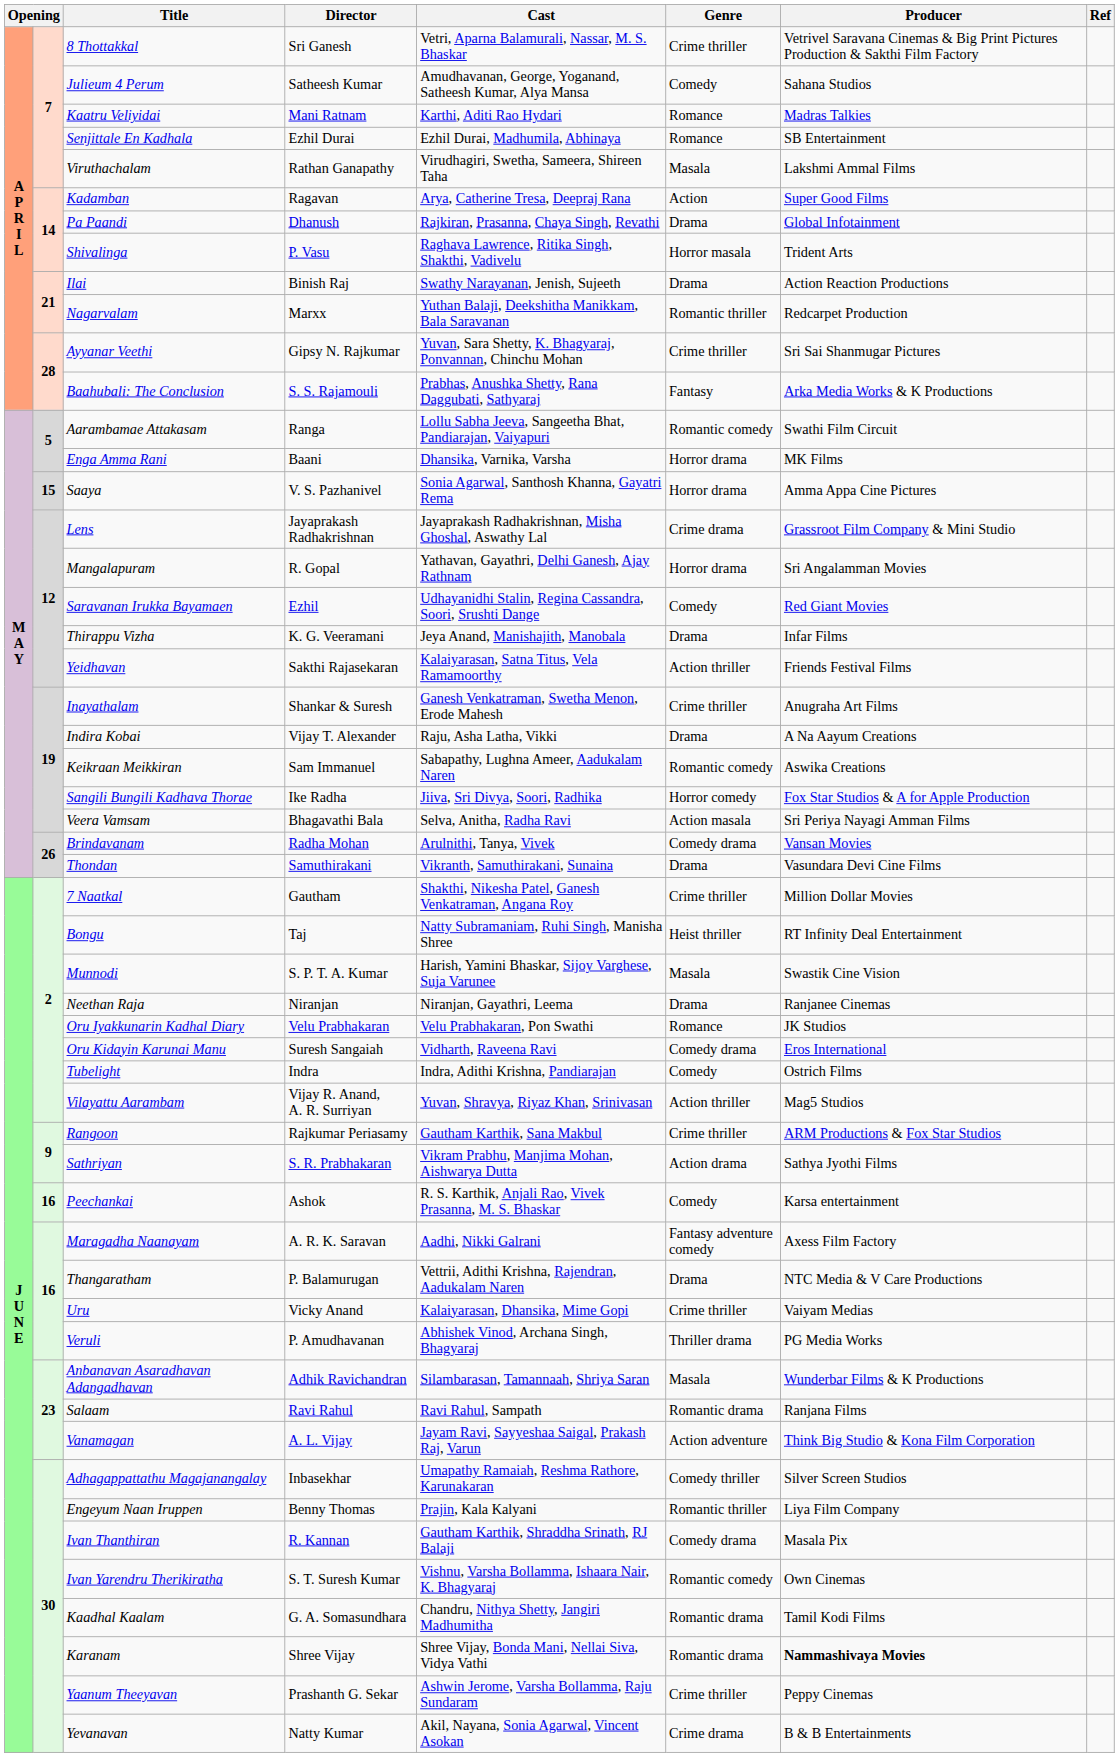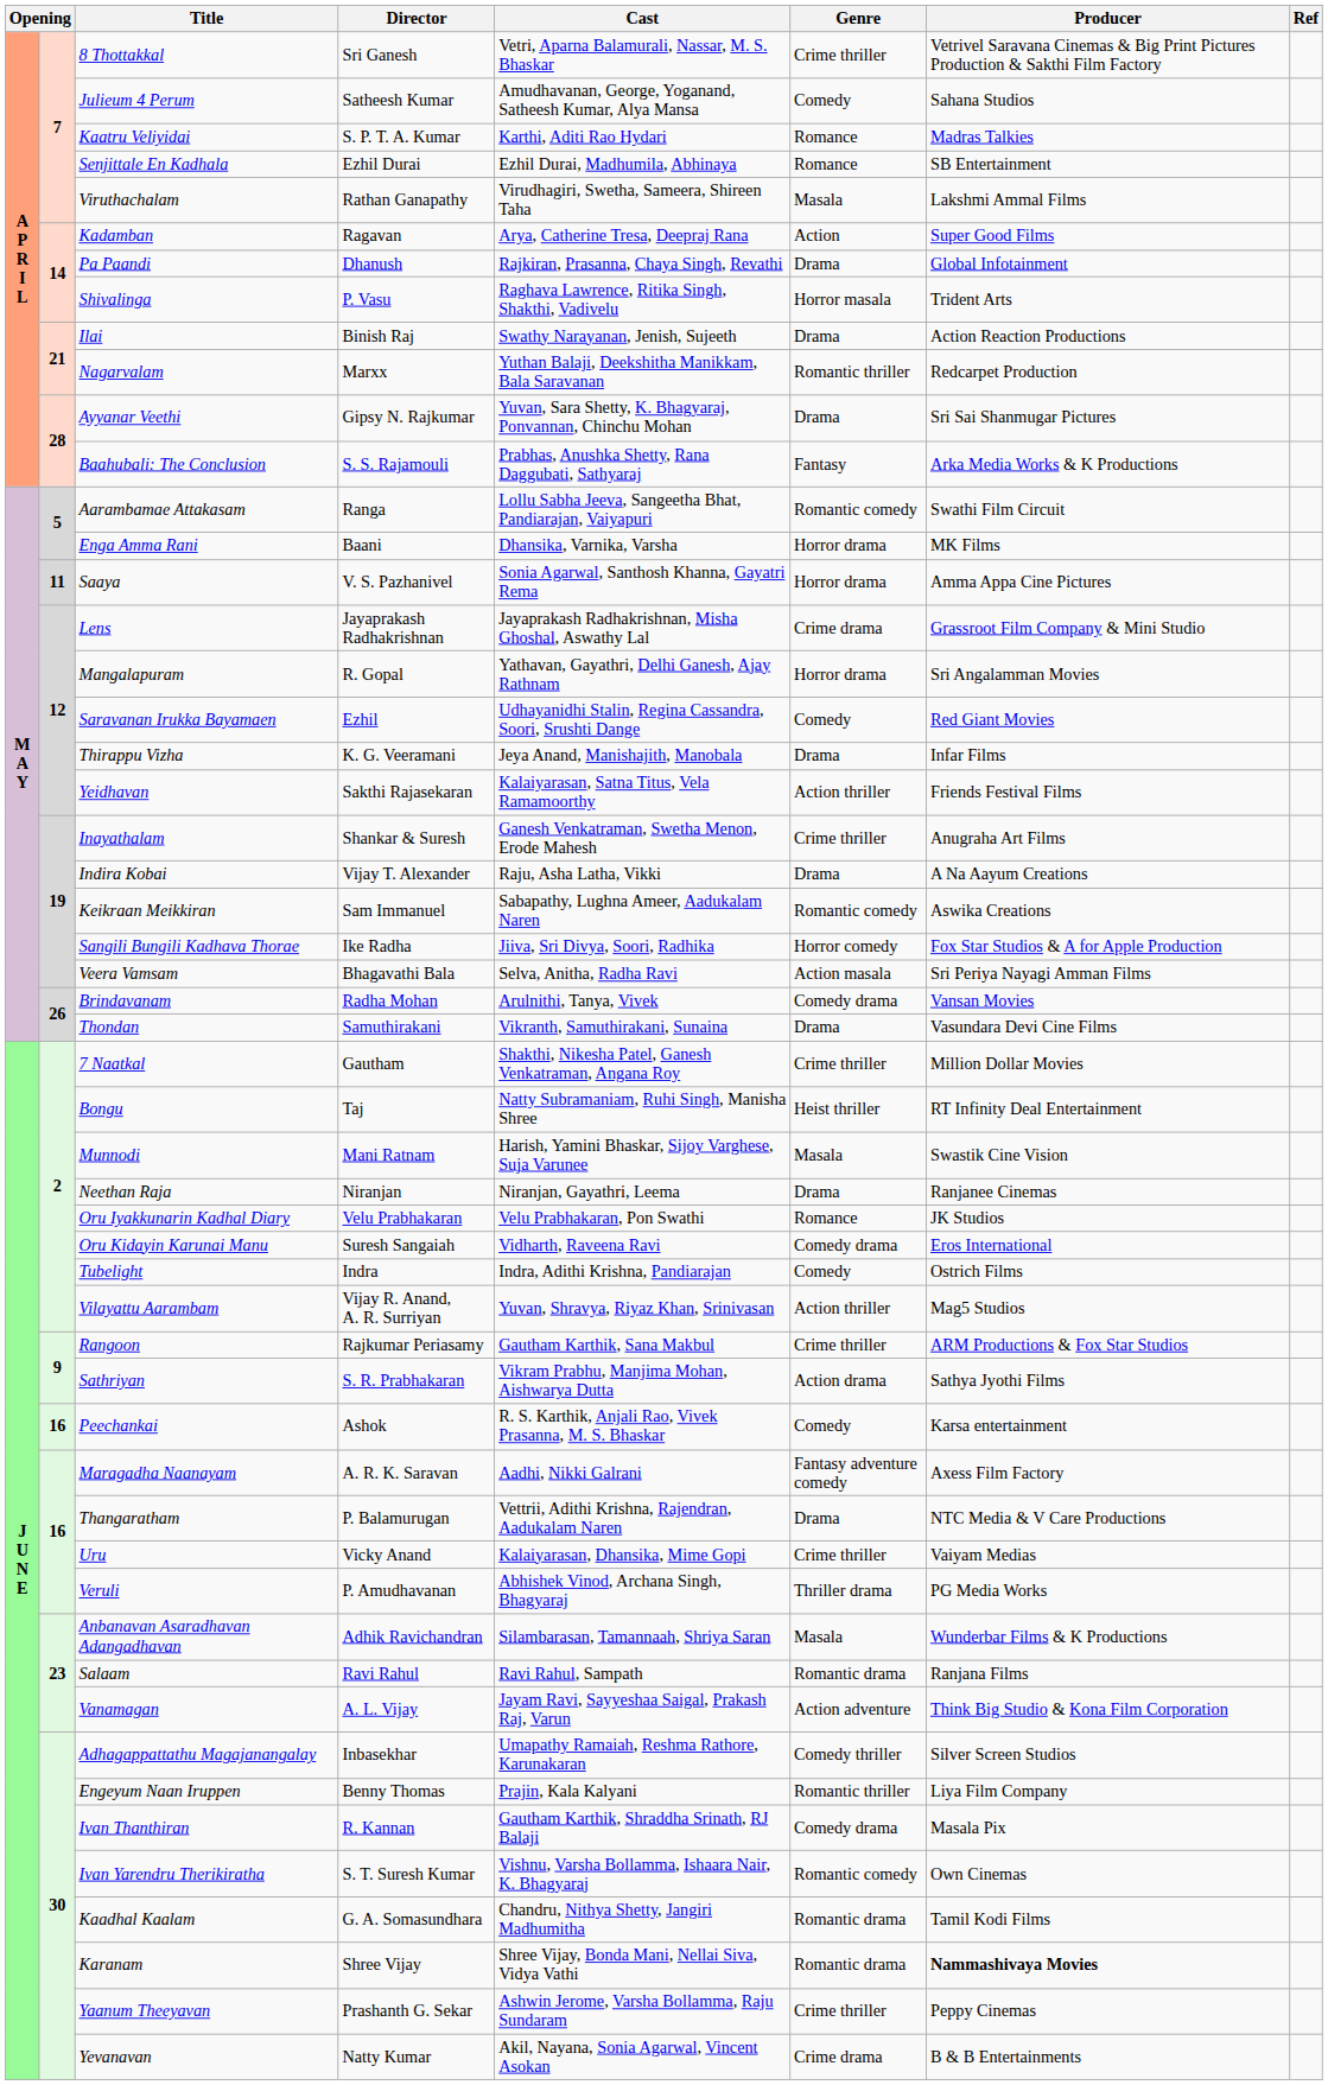 <table class="wikitable sortable" id="wikitable-20170601">
 <tr>
 <th colspan="2" class=unsortable>Opening</th>
 <th style="width:20%;">Title</th>
 <th>Director</th>
 <th>Cast</th>
 <th>Genre</th>
 <th>Producer</th>
 <th class=unsortable>Ref</th>
 </tr>
 <tr April !>
 <th rowspan="12" style="text-align:center; background:#ffa07a; textcolor:#000;">A<br>P<br>R<br>I<br>L</th>
 <td rowspan="5" style="text-align:center; background:#ffdacc;"><strong>7</strong></td>
 <td><em><a href='#'>8 Thottakkal</a></em></td>
 <td>Sri Ganesh</td>
 <td>Vetri, <a href='#'>Aparna Balamurali</a>, <a href='#'>Nassar</a>, <a href='#'>M. S. Bhaskar</a></td>
 <td>Crime thriller</td>
 <td>Vetrivel Saravana Cinemas & Big Print Pictures Production & Sakthi Film Factory</td>
 <td></td>
 </tr>
 <tr>
 <td><em><a href='#'>Julieum 4 Perum</a></em></td>
 <td>Satheesh Kumar</td>
 <td>Amudhavanan, George, Yoganand, Satheesh Kumar, Alya Mansa</td>
 <td>Comedy</td>
 <td>Sahana Studios</td>
 <td></td>
 </tr>
 <tr>
 <td><em><a href='#'>Kaatru Veliyidai</a></em></td>
-<td><a href='#'>Mani Ratnam</a></td>
+<td>S. P. T. A. Kumar</td>
 <td><a href='#'>Karthi</a>, <a href='#'>Aditi Rao Hydari</a></td>
 <td>Romance</td>
 <td><a href='#'>Madras Talkies</a></td>
 <td></td>
 </tr>
 <tr>
 <td><em><a href='#'>Senjittale En Kadhala</a></em></td>
 <td>Ezhil Durai</td>
 <td>Ezhil Durai, <a href='#'>Madhumila</a>, <a href='#'>Abhinaya</a></td>
 <td>Romance</td>
 <td>SB Entertainment</td>
 <td></td>
 </tr>
 <tr>
 <td><em>Viruthachalam</em></td>
 <td>Rathan Ganapathy</td>
 <td>Virudhagiri, Swetha, Sameera, Shireen Taha</td>
 <td>Masala</td>
 <td>Lakshmi Ammal Films</td>
 <td></td>
 </tr>
 <tr>
 <td rowspan="3" style="text-align:center; background:#ffdacc;"><strong>14</strong></td>
 <td><em><a href='#'>Kadamban</a></em></td>
 <td>Ragavan</td>
 <td><a href='#'>Arya</a>, <a href='#'>Catherine Tresa</a>, <a href='#'>Deepraj Rana</a></td>
 <td>Action</td>
 <td><a href='#'>Super Good Films</a></td>
 <td></td>
 </tr>
 <tr>
 <td><em><a href='#'>Pa Paandi</a></em></td>
 <td><a href='#'>Dhanush</a></td>
 <td><a href='#'>Rajkiran</a>, <a href='#'>Prasanna</a>, <a href='#'>Chaya Singh</a>, <a href='#'>Revathi</a></td>
 <td>Drama</td>
 <td><a href='#'>Global Infotainment</a></td>
 <td></td>
 </tr>
 <tr>
 <td><em><a href='#'>Shivalinga</a></em></td>
 <td><a href='#'>P. Vasu</a></td>
 <td><a href='#'>Raghava Lawrence</a>, <a href='#'>Ritika Singh</a>, <a href='#'>Shakthi</a>, <a href='#'>Vadivelu</a></td>
 <td>Horror masala</td>
 <td>Trident Arts</td>
 <td></td>
 </tr>
 <tr>
 <td rowspan="2" style="text-align:center; background:#ffdacc;"><strong>21</strong></td>
 <td><em><a href='#'>Ilai</a></em></td>
 <td>Binish Raj</td>
 <td><a href='#'>Swathy Narayanan</a>, Jenish, Sujeeth</td>
 <td>Drama</td>
 <td>Action Reaction Productions</td>
 <td></td>
 </tr>
 <tr>
 <td><em><a href='#'>Nagarvalam</a></em></td>
 <td>Marxx</td>
 <td><a href='#'>Yuthan Balaji</a>, <a href='#'>Deekshitha Manikkam</a>, <a href='#'>Bala Saravanan</a></td>
 <td>Romantic thriller</td>
 <td>Redcarpet Production</td>
 <td></td>
 </tr>
 <tr>
 <td rowspan="2" style="text-align:center; background:#ffdacc;"><strong>28</strong></td>
 <td><em><a href='#'>Ayyanar Veethi</a></em></td>
 <td>Gipsy N. Rajkumar</td>
 <td><a href='#'>Yuvan</a>, Sara Shetty, <a href='#'>K. Bhagyaraj</a>, <a href='#'>Ponvannan</a>, Chinchu Mohan</td>
-<td>Crime thriller</td>
+<td>Drama</td>
 <td>Sri Sai Shanmugar Pictures</td>
 <td></td>
 </tr>
 <tr>
 <td><em><a href='#'>Baahubali: The Conclusion</a></em></td>
 <td><a href='#'>S. S. Rajamouli</a></td>
 <td><a href='#'>Prabhas</a>, <a href='#'>Anushka Shetty</a>, <a href='#'>Rana Daggubati</a>, <a href='#'>Sathyaraj</a></td>
 <td>Fantasy</td>
 <td><a href='#'>Arka Media Works</a> & K Productions</td>
 <td></td>
 </tr>
 <tr May!>
 <th rowspan="15" style="text-align:center; background:thistle; textcolor:#000;">M<br>A<br>Y</th>
 <td rowspan="2" style="text-align:center; background:#d8d8d8;"><strong>5</strong></td>
 <td><em>Aarambamae Attakasam</em></td>
 <td>Ranga</td>
 <td><a href='#'>Lollu Sabha Jeeva</a>, Sangeetha Bhat, <a href='#'>Pandiarajan</a>, <a href='#'>Vaiyapuri</a></td>
 <td>Romantic comedy</td>
 <td>Swathi Film Circuit</td>
 <td></td>
 </tr>
 <tr>
 <td><em><a href='#'>Enga Amma Rani</a></em></td>
 <td>Baani</td>
 <td><a href='#'>Dhansika</a>, Varnika, Varsha</td>
 <td>Horror drama</td>
 <td>MK Films</td>
 <td></td>
 </tr>
 <tr>
-<td style="text-align:center; background:#d8d8d8;"><strong>15</strong></td>
+<td style="text-align:center; background:#d8d8d8;"><strong>11</strong></td>
 <td><em>Saaya</em></td>
 <td>V. S. Pazhanivel</td>
 <td><a href='#'>Sonia Agarwal</a>, Santhosh Khanna, <a href='#'>Gayatri Rema</a></td>
 <td>Horror drama</td>
 <td>Amma Appa Cine Pictures</td>
 <td></td>
 </tr>
 <tr>
 <td rowspan="5" style="text-align:center; background:#d8d8d8;"><strong>12</strong></td>
 <td><em><a href='#'>Lens</a></em></td>
 <td>Jayaprakash Radhakrishnan</td>
 <td>Jayaprakash Radhakrishnan, <a href='#'>Misha Ghoshal</a>, Aswathy Lal</td>
 <td>Crime drama</td>
 <td><a href='#'>Grassroot Film Company</a> & Mini Studio</td>
 <td></td>
 </tr>
 <tr>
 <td><em>Mangalapuram</em></td>
 <td>R. Gopal</td>
 <td>Yathavan, Gayathri, <a href='#'>Delhi Ganesh</a>, <a href='#'>Ajay Rathnam</a></td>
 <td>Horror drama</td>
 <td>Sri Angalamman Movies</td>
 <td></td>
 </tr>
 <tr>
 <td><em><a href='#'>Saravanan Irukka Bayamaen</a></em></td>
 <td><a href='#'>Ezhil</a></td>
 <td><a href='#'>Udhayanidhi Stalin</a>, <a href='#'>Regina Cassandra</a>, <a href='#'>Soori</a>, <a href='#'>Srushti Dange</a></td>
 <td>Comedy</td>
 <td><a href='#'>Red Giant Movies</a></td>
 <td></td>
 </tr>
 <tr>
 <td><em>Thirappu Vizha</em></td>
 <td>K. G. Veeramani</td>
 <td>Jeya Anand, <a href='#'>Manishajith</a>, <a href='#'>Manobala</a></td>
 <td>Drama</td>
 <td>Infar Films</td>
 <td></td>
 </tr>
 <tr>
 <td><em><a href='#'>Yeidhavan</a></em></td>
 <td>Sakthi Rajasekaran</td>
 <td><a href='#'>Kalaiyarasan</a>, <a href='#'>Satna Titus</a>, <a href='#'>Vela Ramamoorthy</a></td>
 <td>Action thriller</td>
 <td>Friends Festival Films</td>
 <td></td>
 </tr>
 <tr>
 <td rowspan="5" style="text-align:center; background:#d8d8d8;"><strong>19</strong></td>
 <td><em><a href='#'>Inayathalam</a></em></td>
 <td>Shankar & Suresh</td>
 <td><a href='#'>Ganesh Venkatraman</a>, <a href='#'>Swetha Menon</a>, Erode Mahesh</td>
 <td>Crime thriller</td>
 <td>Anugraha Art Films</td>
 <td></td>
 </tr>
 <tr>
 <td><em>Indira Kobai</em></td>
 <td>Vijay T. Alexander</td>
 <td>Raju, Asha Latha, Vikki</td>
 <td>Drama</td>
 <td>A Na Aayum Creations</td>
 <td></td>
 </tr>
 <tr>
 <td><em>Keikraan Meikkiran</em></td>
 <td>Sam Immanuel</td>
 <td>Sabapathy, Lughna Ameer, <a href='#'>Aadukalam Naren</a></td>
 <td>Romantic comedy</td>
 <td>Aswika Creations</td>
 <td></td>
 </tr>
 <tr>
 <td><em><a href='#'>Sangili Bungili Kadhava Thorae</a></em></td>
 <td>Ike Radha</td>
 <td><a href='#'>Jiiva</a>, <a href='#'>Sri Divya</a>, <a href='#'>Soori</a>, <a href='#'>Radhika</a></td>
 <td>Horror comedy</td>
 <td><a href='#'>Fox Star Studios</a> & <a href='#'>A for Apple Production</a></td>
 <td></td>
 </tr>
 <tr>
 <td><em>Veera Vamsam</em></td>
 <td>Bhagavathi Bala</td>
 <td>Selva, Anitha, <a href='#'>Radha Ravi</a></td>
 <td>Action masala</td>
 <td>Sri Periya Nayagi Amman Films</td>
 <td></td>
 </tr>
 <tr>
 <td rowspan="2" style="text-align:center; background:#d8d8d8;"><strong>26</strong></td>
 <td><em><a href='#'>Brindavanam</a></em></td>
 <td><a href='#'>Radha Mohan</a></td>
 <td><a href='#'>Arulnithi</a>, Tanya, <a href='#'>Vivek</a></td>
 <td>Comedy drama</td>
 <td><a href='#'>Vansan Movies</a></td>
 <td></td>
 </tr>
 <tr>
 <td><em><a href='#'>Thondan</a></em></td>
 <td><a href='#'>Samuthirakani</a></td>
 <td><a href='#'>Vikranth</a>, <a href='#'>Samuthirakani</a>, <a href='#'>Sunaina</a></td>
 <td>Drama</td>
 <td>Vasundara Devi Cine Films</td>
 <td></td>
 </tr>
 <tr June!>
 <th rowspan="26" style="text-align:center; background:#98fb98; textcolor:#000;">J<br>U<br>N<br>E</th>
 <td rowspan="8" style="text-align:center; background:#e0f9e0;"><strong>2</strong></td>
 <td><em><a href='#'>7 Naatkal</a></em></td>
 <td>Gautham</td>
 <td><a href='#'>Shakthi</a>, <a href='#'>Nikesha Patel</a>, <a href='#'>Ganesh Venkatraman</a>, <a href='#'>Angana Roy</a></td>
 <td>Crime thriller</td>
 <td>Million Dollar Movies</td>
 <td></td>
 </tr>
 <tr>
 <td><em><a href='#'>Bongu</a></em></td>
 <td>Taj</td>
 <td><a href='#'>Natty Subramaniam</a>, <a href='#'>Ruhi Singh</a>, Manisha Shree</td>
 <td>Heist thriller</td>
 <td>RT Infinity Deal Entertainment</td>
 <td></td>
 </tr>
 <tr>
 <td><em><a href='#'>Munnodi</a></em></td>
-<td>S. P. T. A. Kumar</td>
+<td><a href='#'>Mani Ratnam</a></td>
 <td>Harish, Yamini Bhaskar, <a href='#'>Sijoy Varghese</a>, <a href='#'>Suja Varunee</a></td>
 <td>Masala</td>
 <td>Swastik Cine Vision</td>
 <td></td>
 </tr>
 <tr>
 <td><em>Neethan Raja</em></td>
 <td>Niranjan</td>
 <td>Niranjan, Gayathri, Leema</td>
 <td>Drama</td>
 <td>Ranjanee Cinemas</td>
 <td></td>
 </tr>
 <tr>
 <td><em><a href='#'>Oru Iyakkunarin Kadhal Diary</a></em></td>
 <td><a href='#'>Velu Prabhakaran</a></td>
 <td><a href='#'>Velu Prabhakaran</a>, Pon Swathi</td>
 <td>Romance</td>
 <td>JK Studios</td>
 <td></td>
 </tr>
 <tr>
 <td><em><a href='#'>Oru Kidayin Karunai Manu</a></em></td>
 <td>Suresh Sangaiah</td>
 <td><a href='#'>Vidharth</a>, <a href='#'>Raveena Ravi</a></td>
 <td>Comedy drama</td>
 <td><a href='#'>Eros International</a></td>
 <td></td>
 </tr>
 <tr>
 <td><em><a href='#'>Tubelight</a></em></td>
 <td>Indra</td>
 <td>Indra, Adithi Krishna, <a href='#'>Pandiarajan</a></td>
 <td>Comedy</td>
 <td>Ostrich Films</td>
 <td></td>
 </tr>
 <tr>
 <td><em><a href='#'>Vilayattu Aarambam</a></em></td>
 <td>Vijay R. Anand,<br>A. R. Surriyan</td>
 <td><a href='#'>Yuvan</a>, <a href='#'>Shravya</a>, <a href='#'>Riyaz Khan</a>, <a href='#'>Srinivasan</a></td>
 <td>Action thriller</td>
 <td>Mag5 Studios</td>
 <td></td>
 </tr>
 <tr>
 <td rowspan="2" style="text-align:center; background:#e0f9e0;"><strong>9</strong></td>
 <td><em><a href='#'>Rangoon</a></em></td>
 <td>Rajkumar Periasamy</td>
 <td><a href='#'>Gautham Karthik</a>, <a href='#'>Sana Makbul</a></td>
 <td>Crime thriller</td>
 <td><a href='#'>ARM Productions</a> & <a href='#'>Fox Star Studios</a></td>
 <td></td>
 </tr>
 <tr>
 <td><em><a href='#'>Sathriyan</a></em></td>
 <td><a href='#'>S. R. Prabhakaran</a></td>
 <td><a href='#'>Vikram Prabhu</a>, <a href='#'>Manjima Mohan</a>, <a href='#'>Aishwarya Dutta</a></td>
 <td>Action drama</td>
 <td>Sathya Jyothi Films</td>
 <td></td>
 </tr>
 <tr>
 <td style="text-align:center; background:#e0f9e0;"><strong>16</strong></td>
 <td><em><a href='#'>Peechankai</a></em></td>
 <td>Ashok</td>
 <td>R. S. Karthik, <a href='#'>Anjali Rao</a>, <a href='#'>Vivek Prasanna</a>, <a href='#'>M. S. Bhaskar</a></td>
 <td>Comedy</td>
 <td>Karsa entertainment</td>
 <td></td>
 </tr>
 <tr>
 <td rowspan="4" style="text-align:center; background:#e0f9e0;"><strong>16</strong></td>
 <td><em><a href='#'>Maragadha Naanayam</a></em></td>
 <td>A. R. K. Saravan</td>
 <td><a href='#'>Aadhi</a>, <a href='#'>Nikki Galrani</a></td>
 <td>Fantasy adventure comedy</td>
 <td>Axess Film Factory</td>
 <td></td>
 </tr>
 <tr>
 <td><em>Thangaratham</em></td>
 <td>P. Balamurugan</td>
 <td>Vettrii, Adithi Krishna, <a href='#'>Rajendran</a>, <a href='#'>Aadukalam Naren</a></td>
 <td>Drama</td>
 <td>NTC Media & V Care Productions</td>
 <td></td>
 </tr>
 <tr>
 <td><em><a href='#'>Uru</a></em></td>
 <td>Vicky Anand</td>
 <td><a href='#'>Kalaiyarasan</a>, <a href='#'>Dhansika</a>, <a href='#'>Mime Gopi</a></td>
 <td>Crime thriller</td>
 <td>Vaiyam Medias</td>
 <td></td>
 </tr>
 <tr>
 <td><em><a href='#'>Veruli</a></em></td>
 <td>P. Amudhavanan</td>
 <td><a href='#'>Abhishek Vinod</a>, Archana Singh, <a href='#'>Bhagyaraj</a></td>
 <td>Thriller drama</td>
 <td>PG Media Works</td>
 <td></td>
 </tr>
 <tr>
 <td rowspan="3" style="text-align:center; background:#e0f9e0;"><strong>23</strong></td>
 <td><em><a href='#'>Anbanavan Asaradhavan Adangadhavan</a></em></td>
 <td><a href='#'>Adhik Ravichandran</a></td>
 <td><a href='#'>Silambarasan</a>, <a href='#'>Tamannaah</a>, <a href='#'>Shriya Saran</a></td>
 <td>Masala</td>
 <td><a href='#'>Wunderbar Films</a> & K Productions</td>
 <td></td>
 </tr>
 <tr>
 <td><em>Salaam</em></td>
 <td><a href='#'>Ravi Rahul</a></td>
 <td><a href='#'>Ravi Rahul</a>, Sampath</td>
 <td>Romantic drama</td>
 <td>Ranjana Films</td>
 <td></td>
 </tr>
 <tr>
 <td><em><a href='#'>Vanamagan</a></em></td>
 <td><a href='#'>A. L. Vijay</a></td>
 <td><a href='#'>Jayam Ravi</a>, <a href='#'>Sayyeshaa Saigal</a>, <a href='#'>Prakash Raj</a>, <a href='#'>Varun</a></td>
 <td>Action adventure</td>
 <td><a href='#'>Think Big Studio</a> & <a href='#'>Kona Film Corporation</a></td>
 <td></td>
 </tr>
 <tr>
 <td rowspan="8" style="text-align:center; background:#e0f9e0;"><strong>30</strong></td>
 <td><em><a href='#'>Adhagappattathu Magajanangalay</a></em></td>
 <td>Inbasekhar</td>
 <td><a href='#'>Umapathy Ramaiah</a>, <a href='#'>Reshma Rathore</a>, <a href='#'>Karunakaran</a></td>
 <td>Comedy thriller</td>
 <td>Silver Screen Studios</td>
 <td></td>
 </tr>
 <tr>
 <td><em>Engeyum Naan Iruppen</em></td>
 <td>Benny Thomas</td>
 <td><a href='#'>Prajin</a>, Kala Kalyani</td>
 <td>Romantic thriller</td>
 <td>Liya Film Company</td>
 <td></td>
 </tr>
 <tr>
 <td><em><a href='#'>Ivan Thanthiran</a></em></td>
 <td><a href='#'>R. Kannan</a></td>
 <td><a href='#'>Gautham Karthik</a>, <a href='#'>Shraddha Srinath</a>, <a href='#'>RJ Balaji</a></td>
 <td>Comedy drama</td>
 <td>Masala Pix</td>
 <td></td>
 </tr>
 <tr>
 <td><em><a href='#'>Ivan Yarendru Therikiratha</a></em></td>
 <td>S. T. Suresh Kumar</td>
 <td><a href='#'>Vishnu</a>, <a href='#'>Varsha Bollamma</a>, <a href='#'>Ishaara Nair</a>, <a href='#'>K. Bhagyaraj</a></td>
 <td>Romantic comedy</td>
 <td>Own Cinemas</td>
 <td></td>
 </tr>
 <tr>
 <td><em>Kaadhal Kaalam</em></td>
 <td>G. A. Somasundhara</td>
 <td>Chandru, <a href='#'>Nithya Shetty</a>, <a href='#'>Jangiri Madhumitha</a></td>
 <td>Romantic drama</td>
 <td>Tamil Kodi Films</td>
 <td></td>
 </tr>
 <tr>
 <td><em>Karanam</em></td>
 <td>Shree Vijay</td>
 <td>Shree Vijay, <a href='#'>Bonda Mani</a>, <a href='#'>Nellai Siva</a>, Vidya Vathi</td>
 <td>Romantic drama</td>
 <td><strong>Nammashivaya Movies</strong></td>
 <td></td>
 </tr>
 <tr>
 <td><em><a href='#'>Yaanum Theeyavan</a></em></td>
 <td>Prashanth G. Sekar</td>
 <td><a href='#'>Ashwin Jerome</a>, <a href='#'>Varsha Bollamma</a>, <a href='#'>Raju Sundaram</a></td>
 <td>Crime thriller</td>
 <td>Peppy Cinemas</td>
 <td></td>
 </tr>
 <tr>
 <td><em>Yevanavan</em></td>
 <td>Natty Kumar</td>
 <td>Akil, Nayana, <a href='#'>Sonia Agarwal</a>, <a href='#'>Vincent Asokan</a></td>
 <td>Crime drama</td>
 <td>B & B Entertainments</td>
 <td></td>
 </tr>
 </table>
